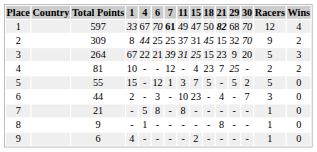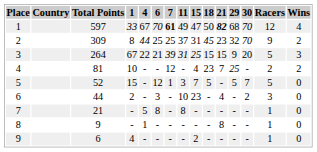 <table border="0" style="border: 1px solid #999; background-color:#FFFFFF; text-align:center">
 <tr align="center" bgcolor="#CCCCCC">
 <th>Place</th>
 <th>Country</th>
 <th>Total Points</th>
 <th>1</th>
 <th>4</th>
 <th>6</th>
 <th>7</th>
 <th>11</th>
 <th>15</th>
 <th>18</th>
 <th>21</th>
 <th>29</th>
 <th>30</th>
 <th>Racers</th>
 <th>Wins</th>
 </tr>
 <tr bgcolor="#EFEFEF">
 <td>1</td>
 <td align="left"></td>
 <td>597</td>
 <td><em>33</em></td>
 <td>67</td>
 <td><em>70</em></td>
 <td><strong>61</strong></td>
 <td>49</td>
 <td>47</td>
 <td>50</td>
 <td><strong><em>82</em></strong></td>
 <td>68</td>
 <td><em>70</em></td>
 <td>12</td>
 <td>4</td>
 </tr>
 <tr>
 <td>2</td>
 <td align="left"></td>
 <td>309</td>
 <td>8</td>
 <td><em>44</em></td>
 <td>25</td>
 <td>25</td>
 <td>37</td>
 <td>31</td>
 <td><em>45</em></td>
-<td>15</td>
+<td>23</td>
 <td>32</td>
 <td><em>70</em></td>
 <td>9</td>
 <td>2</td>
 </tr>
 <tr bgcolor="#EFEFEF">
 <td>3</td>
 <td align="left"></td>
 <td>264</td>
 <td>67</td>
 <td>22</td>
 <td>21</td>
 <td><em>39</em></td>
 <td><em>31</em></td>
 <td><em>25</em></td>
 <td>15</td>
-<td>23</td>
+<td>15</td>
 <td>9</td>
 <td>20</td>
 <td>5</td>
 <td>3</td>
 </tr>
 <tr>
 <td>4</td>
 <td align="left"></td>
 <td>81</td>
 <td>10</td>
 <td>-</td>
 <td>-</td>
 <td>12</td>
 <td>-</td>
 <td>4</td>
 <td>23</td>
 <td>7</td>
 <td><em>25</em></td>
 <td>-</td>
 <td>2</td>
 <td>2</td>
 </tr>
 <tr bgcolor="#EFEFEF">
 <td>5</td>
 <td align="left"></td>
-<td>55</td>
+<td>52</td>
 <td>15</td>
 <td>-</td>
 <td>12</td>
 <td>1</td>
 <td>3</td>
 <td>7</td>
 <td>5</td>
 <td>-</td>
 <td>5</td>
-<td>2</td>
+<td>7</td>
 <td>5</td>
 <td>0</td>
 </tr>
 <tr>
 <td>6</td>
 <td align="left"></td>
 <td>44</td>
 <td>2</td>
 <td>-</td>
 <td>3</td>
 <td>-</td>
 <td>10</td>
 <td>23</td>
 <td>-</td>
 <td>4</td>
 <td>-</td>
-<td>7</td>
+<td>2</td>
 <td>3</td>
 <td>0</td>
 </tr>
 <tr bgcolor="#EFEFEF">
 <td>7</td>
 <td align="left"></td>
 <td>21</td>
 <td>-</td>
 <td>5</td>
 <td>8</td>
 <td>-</td>
 <td>8</td>
 <td>-</td>
 <td>-</td>
 <td>-</td>
 <td>-</td>
 <td>-</td>
 <td>1</td>
 <td>0</td>
 </tr>
 <tr>
 <td>8</td>
 <td align="left"></td>
 <td>9</td>
 <td>-</td>
 <td>1</td>
 <td>-</td>
 <td>-</td>
 <td>-</td>
 <td>-</td>
 <td>-</td>
 <td>8</td>
 <td>-</td>
 <td>-</td>
 <td>1</td>
 <td>0</td>
 </tr>
 <tr bgcolor="#EFEFEF">
 <td>9</td>
 <td align="left"></td>
 <td>6</td>
 <td>4</td>
 <td>-</td>
 <td>-</td>
 <td>-</td>
 <td>-</td>
 <td>2</td>
 <td>-</td>
 <td>-</td>
 <td>-</td>
 <td>-</td>
 <td>1</td>
 <td>0</td>
 </tr>
 </table>
